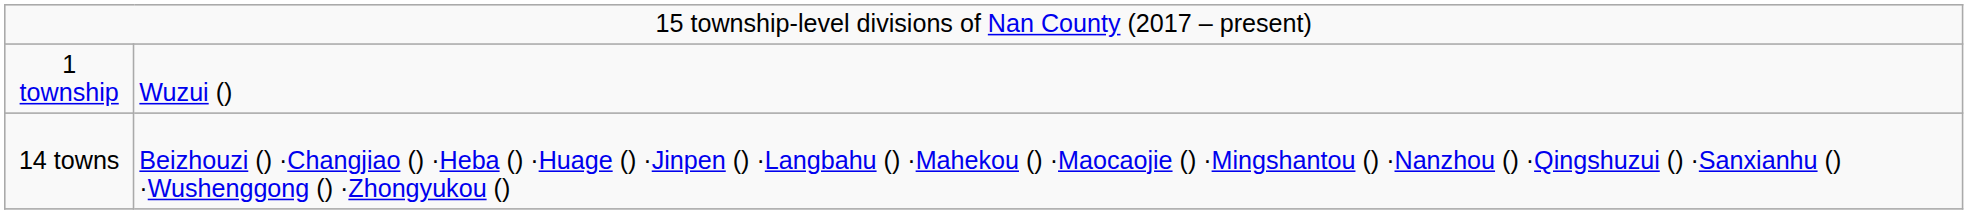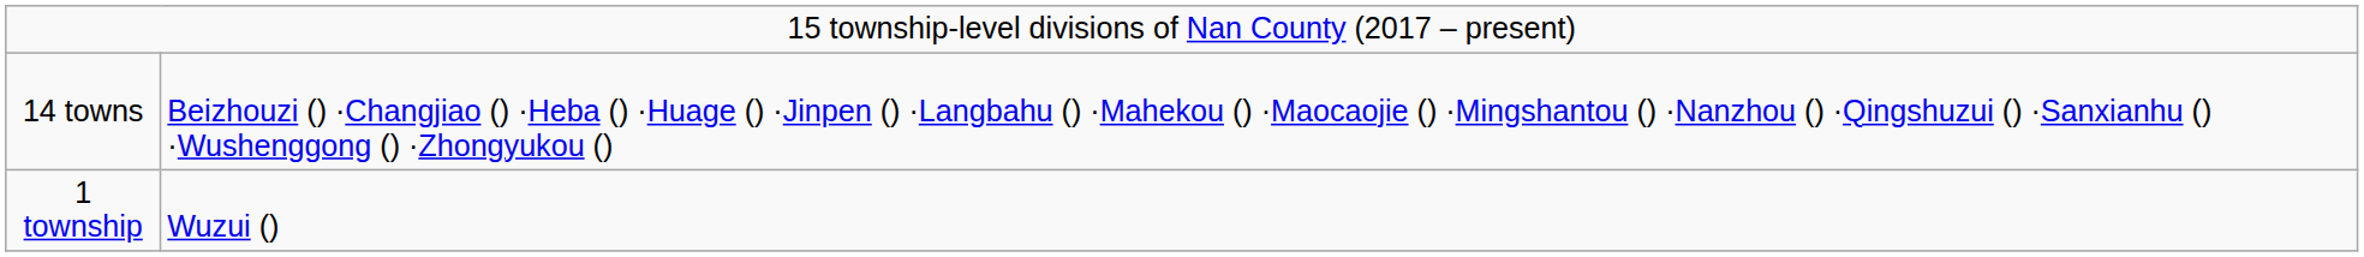 <table class="wikitable">
 <tr>
 <td style="text-align:center;" colspan="2">15 township-level divisions of <a href='#'>Nan County</a> (2017 – present)</td>
 </tr>
 <tr align=left>
+<td align=center>14 towns</td>
+<td><br><a href='#'>Beizhouzi</a> () ·<a href='#'>Changjiao</a> () ·<a href='#'>Heba</a> () ·<a href='#'>Huage</a> () ·<a href='#'>Jinpen</a> () ·<a href='#'>Langbahu</a> () ·<a href='#'>Mahekou</a> () ·<a href='#'>Maocaojie</a> () ·<a href='#'>Mingshantou</a> () ·<a href='#'>Nanzhou</a> () ·<a href='#'>Qingshuzui</a> () ·<a href='#'>Sanxianhu</a> () ·<a href='#'>Wushenggong</a> () ·<a href='#'>Zhongyukou</a> ()</td>
+</tr>
+<tr align=left>
 <td align=center>1 <a href='#'>township</a></td>
 <td><br><a href='#'>Wuzui</a> ()</td>
 </tr>
-<tr align=left>
-<td align=center>14 towns</td>
-<td><br><a href='#'>Beizhouzi</a> () ·<a href='#'>Changjiao</a> () ·<a href='#'>Heba</a> () ·<a href='#'>Huage</a> () ·<a href='#'>Jinpen</a> () ·<a href='#'>Langbahu</a> () ·<a href='#'>Mahekou</a> () ·<a href='#'>Maocaojie</a> () ·<a href='#'>Mingshantou</a> () ·<a href='#'>Nanzhou</a> () ·<a href='#'>Qingshuzui</a> () ·<a href='#'>Sanxianhu</a> () ·<a href='#'>Wushenggong</a> () ·<a href='#'>Zhongyukou</a> ()</td>
-</tr>
 </table>
